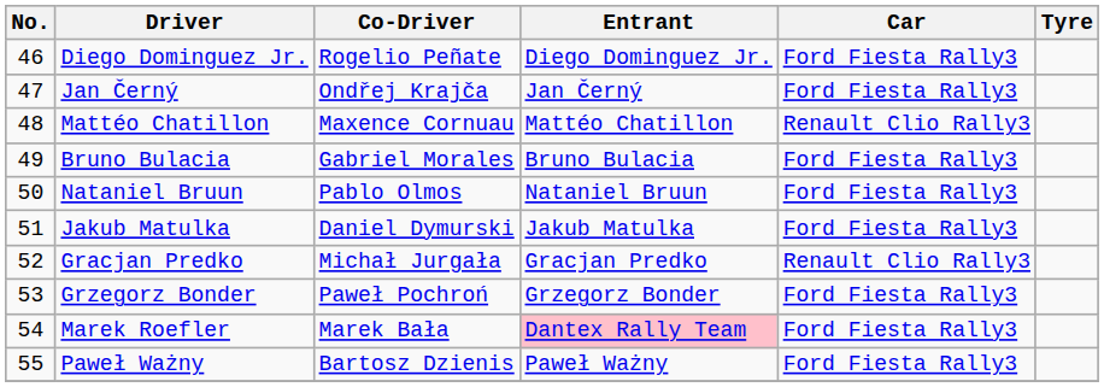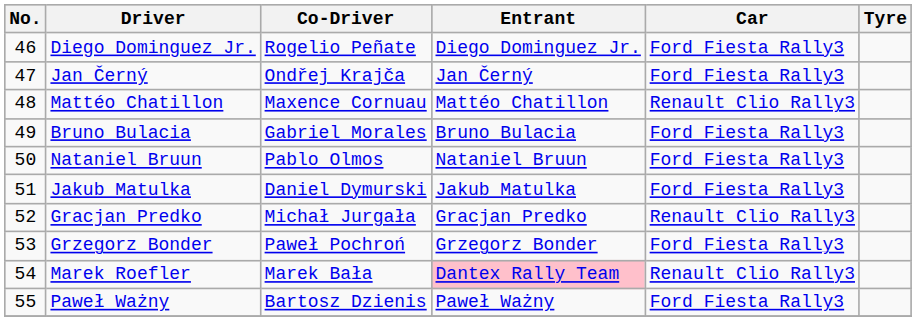 <table class="wikitable" style="font-size: 85%;">
 <tr>
 <th>No.</th>
 <th>Driver</th>
 <th>Co-Driver</th>
 <th>Entrant</th>
 <th>Car</th>
 <th>Tyre</th>
 </tr>
 <tr>
 <td align="center">46</td>
 <td> <a href='#'>Diego Dominguez Jr.</a></td>
 <td> <a href='#'>Rogelio Peñate</a></td>
 <td> <a href='#'>Diego Dominguez Jr.</a></td>
 <td><a href='#'>Ford Fiesta Rally3</a></td>
 <td align="center"></td>
 </tr>
 <tr>
 <td align="center">47</td>
 <td> <a href='#'>Jan Černý</a></td>
 <td> <a href='#'>Ondřej Krajča</a></td>
 <td> <a href='#'>Jan Černý</a></td>
 <td><a href='#'>Ford Fiesta Rally3</a></td>
 <td align="center"></td>
 </tr>
 <tr>
 <td align="center">48</td>
 <td> <a href='#'>Mattéo Chatillon</a></td>
 <td> <a href='#'>Maxence Cornuau</a></td>
 <td> <a href='#'>Mattéo Chatillon</a></td>
 <td><a href='#'>Renault Clio Rally3</a></td>
 <td align="center"></td>
 </tr>
 <tr>
 <td align="center">49</td>
 <td> <a href='#'>Bruno Bulacia</a></td>
 <td> <a href='#'>Gabriel Morales</a></td>
 <td> <a href='#'>Bruno Bulacia</a></td>
 <td><a href='#'>Ford Fiesta Rally3</a></td>
 <td align="center"></td>
 </tr>
 <tr>
 <td align="center">50</td>
 <td> <a href='#'>Nataniel Bruun</a></td>
 <td> <a href='#'>Pablo Olmos</a></td>
 <td> <a href='#'>Nataniel Bruun</a></td>
 <td><a href='#'>Ford Fiesta Rally3</a></td>
 <td align="center"></td>
 </tr>
 <tr>
 <td align="center">51</td>
 <td> <a href='#'>Jakub Matulka</a></td>
 <td> <a href='#'>Daniel Dymurski</a></td>
 <td> <a href='#'>Jakub Matulka</a></td>
 <td><a href='#'>Ford Fiesta Rally3</a></td>
 <td align="center"></td>
 </tr>
 <tr>
 <td align="center">52</td>
 <td> <a href='#'>Gracjan Predko</a></td>
 <td> <a href='#'>Michał Jurgała</a></td>
 <td> <a href='#'>Gracjan Predko</a></td>
 <td><a href='#'>Renault Clio Rally3</a></td>
 <td align="center"></td>
 </tr>
 <tr>
 <td align="center">53</td>
 <td> <a href='#'>Grzegorz Bonder</a></td>
 <td> <a href='#'>Paweł Pochroń</a></td>
 <td> <a href='#'>Grzegorz Bonder</a></td>
 <td><a href='#'>Ford Fiesta Rally3</a></td>
 <td align="center"></td>
 </tr>
 <tr>
 <td align="center">54</td>
 <td> <a href='#'>Marek Roefler</a></td>
 <td> <a href='#'>Marek Bała</a></td>
 <td style="background: pink;"> <a href='#'>Dantex Rally Team</a></td>
-<td><a href='#'>Ford Fiesta Rally3</a></td>
+<td><a href='#'>Renault Clio Rally3</a></td>
 <td align="center"></td>
 </tr>
 <tr>
 <td align="center">55</td>
 <td> <a href='#'>Paweł Ważny</a></td>
 <td> <a href='#'>Bartosz Dzienis</a></td>
 <td> <a href='#'>Paweł Ważny</a></td>
 <td><a href='#'>Ford Fiesta Rally3</a></td>
 <td align="center"></td>
 </tr>
 <tr>
 </tr>
 </table>
